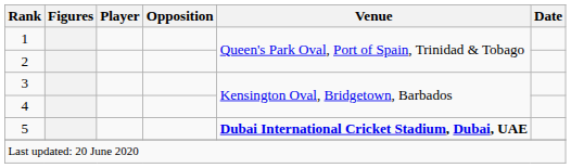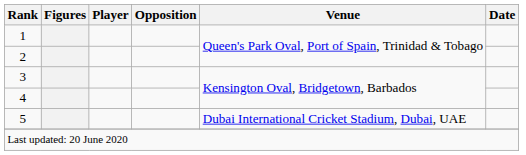 <table class="wikitable plainrowheaders sortable">
 <tr>
 <th scope=col>Rank</th>
 <th scope=col>Figures</th>
 <th scope=col>Player</th>
 <th scope=col>Opposition</th>
 <th scope=col>Venue</th>
 <th scope=col>Date</th>
 </tr>
 <tr>
 <td align=center>1</td>
 <th scope=row style=text-align:center;></th>
 <td></td>
 <td></td>
 <td rowspan=2><a href='#'>Queen's Park Oval</a>, <a href='#'>Port of Spain</a>, Trinidad & Tobago</td>
 <td></td>
 </tr>
 <tr>
 <td align=center>2</td>
 <th scope=row style=text-align:center;></th>
 <td></td>
 <td></td>
 <td></td>
 </tr>
 <tr>
 <td align=center>3</td>
 <th scope=row style=text-align:center;></th>
 <td></td>
 <td></td>
 <td rowspan=2><a href='#'>Kensington Oval</a>, <a href='#'>Bridgetown</a>, Barbados</td>
 <td></td>
 </tr>
 <tr>
 <td align=center>4</td>
 <th scope=row style=text-align:center;></th>
 <td></td>
 <td></td>
 <td></td>
 </tr>
 <tr>
 <td align=center>5</td>
 <th scope=row style=text-align:center;></th>
 <td></td>
 <td></td>
-<td><strong><a href='#'>Dubai International Cricket Stadium</a>, <a href='#'>Dubai</a>, UAE</strong></td>
+<td><a href='#'>Dubai International Cricket Stadium</a>, <a href='#'>Dubai</a>, UAE</td>
 <td></td>
 </tr>
 <tr>
 </tr>
 <tr class=sortbottom>
 <td colspan=6><small>Last updated: 20 June 2020</small></td>
 </tr>
 </table>
